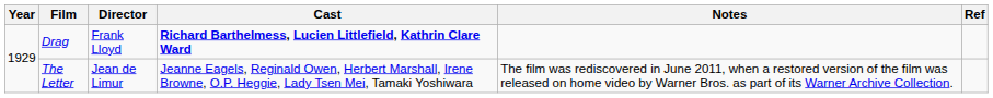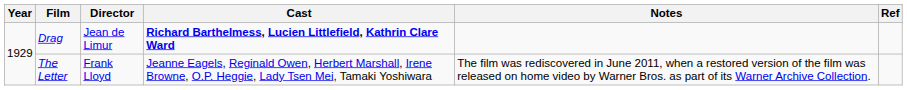 <table class="wikitable sortable">
 <tr>
 <th>Year</th>
 <th>Film</th>
 <th>Director</th>
 <th>Cast</th>
 <th>Notes</th>
 <th>Ref</th>
 </tr>
 <tr>
 <td rowspan=2>1929</td>
 <td><em><a href='#'>Drag</a></em></td>
-<td><a href='#'>Frank Lloyd</a></td>
+<td><a href='#'>Jean de Limur</a></td>
 <td><strong><a href='#'>Richard Barthelmess</a>, <a href='#'>Lucien Littlefield</a>, <a href='#'>Kathrin Clare Ward</a></strong></td>
 <td></td>
 <td></td>
 </tr>
 <tr>
 <td><em><a href='#'>The Letter</a></em></td>
-<td><a href='#'>Jean de Limur</a></td>
+<td><a href='#'>Frank Lloyd</a></td>
 <td><a href='#'>Jeanne Eagels</a>, <a href='#'>Reginald Owen</a>, <a href='#'>Herbert Marshall</a>, <a href='#'>Irene Browne</a>, <a href='#'>O.P. Heggie</a>, <a href='#'>Lady Tsen Mei</a>, Tamaki Yoshiwara</td>
 <td>The film was rediscovered in June 2011, when a restored version of the film was released on home video by Warner Bros. as part of its <a href='#'>Warner Archive Collection</a>.</td>
 <td></td>
 </tr>
 </table>
